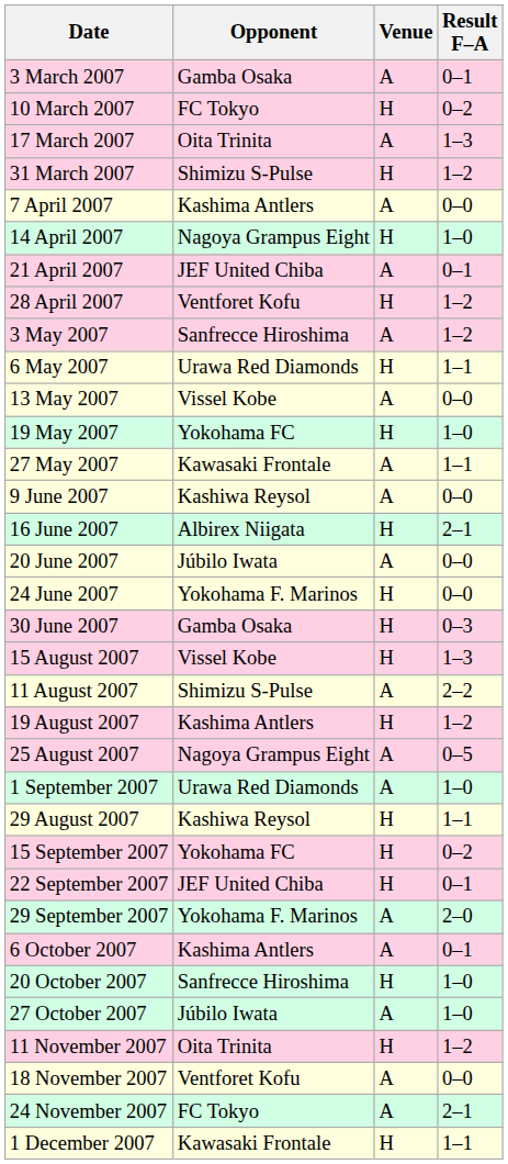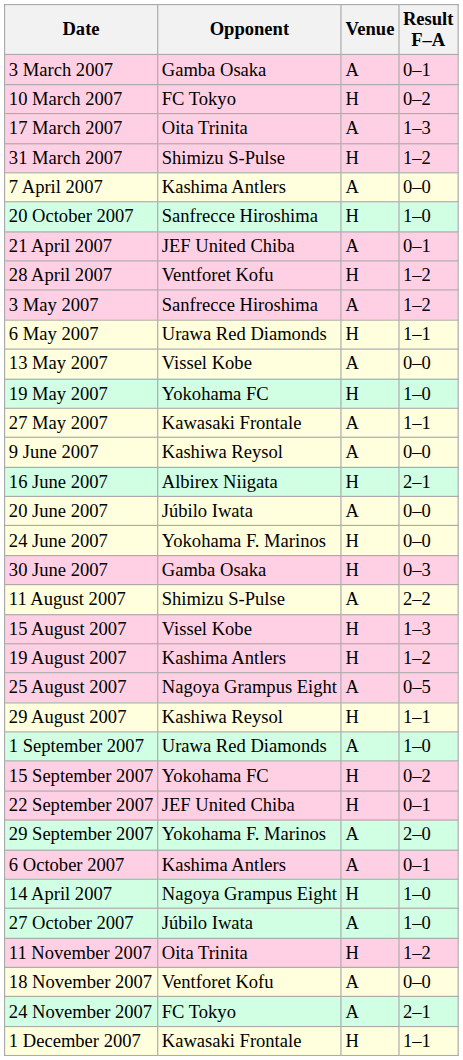 <table class="wikitable sortable">
 <tr>
 <th>Date</th>
 <th>Opponent</th>
 <th>Venue</th>
 <th>Result<br>F–A</th>
 </tr>
 <tr bgcolor="ffd0e3">
 <td>3 March 2007</td>
 <td>Gamba Osaka</td>
 <td>A</td>
 <td>0–1</td>
 </tr>
 <tr bgcolor="ffd0e3">
 <td>10 March 2007</td>
 <td>FC Tokyo</td>
 <td>H</td>
 <td>0–2</td>
 </tr>
 <tr bgcolor="ffd0e3">
 <td>17 March 2007</td>
 <td>Oita Trinita</td>
 <td>A</td>
 <td>1–3</td>
 </tr>
 <tr bgcolor="ffd0e3">
 <td>31 March 2007</td>
 <td>Shimizu S-Pulse</td>
 <td>H</td>
 <td>1–2</td>
 </tr>
 <tr bgcolor="ffffdd">
 <td>7 April 2007</td>
 <td>Kashima Antlers</td>
 <td>A</td>
 <td>0–0</td>
 </tr>
 <tr bgcolor="d0ffe3">
-<td>14 April 2007</td>
-<td>Nagoya Grampus Eight</td>
+<td>20 October 2007</td>
+<td>Sanfrecce Hiroshima</td>
 <td>H</td>
 <td>1–0</td>
 </tr>
 <tr bgcolor="ffd0e3">
 <td>21 April 2007</td>
 <td>JEF United Chiba</td>
 <td>A</td>
 <td>0–1</td>
 </tr>
 <tr bgcolor="ffd0e3">
 <td>28 April 2007</td>
 <td>Ventforet Kofu</td>
 <td>H</td>
 <td>1–2</td>
 </tr>
 <tr bgcolor="ffd0e3">
 <td>3 May 2007</td>
 <td>Sanfrecce Hiroshima</td>
 <td>A</td>
 <td>1–2</td>
 </tr>
 <tr bgcolor="ffffdd">
 <td>6 May 2007</td>
 <td>Urawa Red Diamonds</td>
 <td>H</td>
 <td>1–1</td>
 </tr>
 <tr bgcolor="ffffdd">
 <td>13 May 2007</td>
 <td>Vissel Kobe</td>
 <td>A</td>
 <td>0–0</td>
 </tr>
 <tr bgcolor="d0ffe3">
 <td>19 May 2007</td>
 <td>Yokohama FC</td>
 <td>H</td>
 <td>1–0</td>
 </tr>
 <tr bgcolor="ffffdd">
 <td>27 May 2007</td>
 <td>Kawasaki Frontale</td>
 <td>A</td>
 <td>1–1</td>
 </tr>
 <tr bgcolor="ffffdd">
 <td>9 June 2007</td>
 <td>Kashiwa Reysol</td>
 <td>A</td>
 <td>0–0</td>
 </tr>
 <tr bgcolor="d0ffe3">
 <td>16 June 2007</td>
 <td>Albirex Niigata</td>
 <td>H</td>
 <td>2–1</td>
 </tr>
 <tr bgcolor="ffffdd">
 <td>20 June 2007</td>
 <td>Júbilo Iwata</td>
 <td>A</td>
 <td>0–0</td>
 </tr>
 <tr bgcolor="ffffdd">
 <td>24 June 2007</td>
 <td>Yokohama F. Marinos</td>
 <td>H</td>
 <td>0–0</td>
 </tr>
 <tr bgcolor="ffd0e3">
 <td>30 June 2007</td>
 <td>Gamba Osaka</td>
 <td>H</td>
 <td>0–3</td>
 </tr>
+<tr bgcolor="ffffdd">
+<td>11 August 2007</td>
+<td>Shimizu S-Pulse</td>
+<td>A</td>
+<td>2–2</td>
+</tr>
 <tr bgcolor="ffd0e3">
 <td>15 August 2007</td>
 <td>Vissel Kobe</td>
 <td>H</td>
 <td>1–3</td>
-</tr>
-<tr bgcolor="ffffdd">
-<td>11 August 2007</td>
-<td>Shimizu S-Pulse</td>
-<td>A</td>
-<td>2–2</td>
 </tr>
 <tr bgcolor="ffd0e3">
 <td>19 August 2007</td>
 <td>Kashima Antlers</td>
 <td>H</td>
 <td>1–2</td>
 </tr>
 <tr bgcolor="ffd0e3">
 <td>25 August 2007</td>
 <td>Nagoya Grampus Eight</td>
 <td>A</td>
 <td>0–5</td>
 </tr>
+<tr bgcolor="ffffdd">
+<td>29 August 2007</td>
+<td>Kashiwa Reysol</td>
+<td>H</td>
+<td>1–1</td>
+</tr>
 <tr bgcolor="d0ffe3">
 <td>1 September 2007</td>
 <td>Urawa Red Diamonds</td>
 <td>A</td>
 <td>1–0</td>
-</tr>
-<tr bgcolor="ffffdd">
-<td>29 August 2007</td>
-<td>Kashiwa Reysol</td>
-<td>H</td>
-<td>1–1</td>
 </tr>
 <tr bgcolor="ffd0e3">
 <td>15 September 2007</td>
 <td>Yokohama FC</td>
 <td>H</td>
 <td>0–2</td>
 </tr>
 <tr bgcolor="ffd0e3">
 <td>22 September 2007</td>
 <td>JEF United Chiba</td>
 <td>H</td>
 <td>0–1</td>
 </tr>
 <tr bgcolor="d0ffe3">
 <td>29 September 2007</td>
 <td>Yokohama F. Marinos</td>
 <td>A</td>
 <td>2–0</td>
 </tr>
 <tr bgcolor="ffd0e3">
 <td>6 October 2007</td>
 <td>Kashima Antlers</td>
 <td>A</td>
 <td>0–1</td>
 </tr>
 <tr bgcolor="d0ffe3">
-<td>20 October 2007</td>
-<td>Sanfrecce Hiroshima</td>
+<td>14 April 2007</td>
+<td>Nagoya Grampus Eight</td>
 <td>H</td>
 <td>1–0</td>
 </tr>
 <tr bgcolor="d0ffe3">
 <td>27 October 2007</td>
 <td>Júbilo Iwata</td>
 <td>A</td>
 <td>1–0</td>
 </tr>
 <tr bgcolor="ffd0e3">
 <td>11 November 2007</td>
 <td>Oita Trinita</td>
 <td>H</td>
 <td>1–2</td>
 </tr>
 <tr bgcolor="ffffdd">
 <td>18 November 2007</td>
 <td>Ventforet Kofu</td>
 <td>A</td>
 <td>0–0</td>
 </tr>
 <tr bgcolor="d0ffe3">
 <td>24 November 2007</td>
 <td>FC Tokyo</td>
 <td>A</td>
 <td>2–1</td>
 </tr>
 <tr bgcolor="ffffdd">
 <td>1 December 2007</td>
 <td>Kawasaki Frontale</td>
 <td>H</td>
 <td>1–1</td>
 </tr>
 </table>
